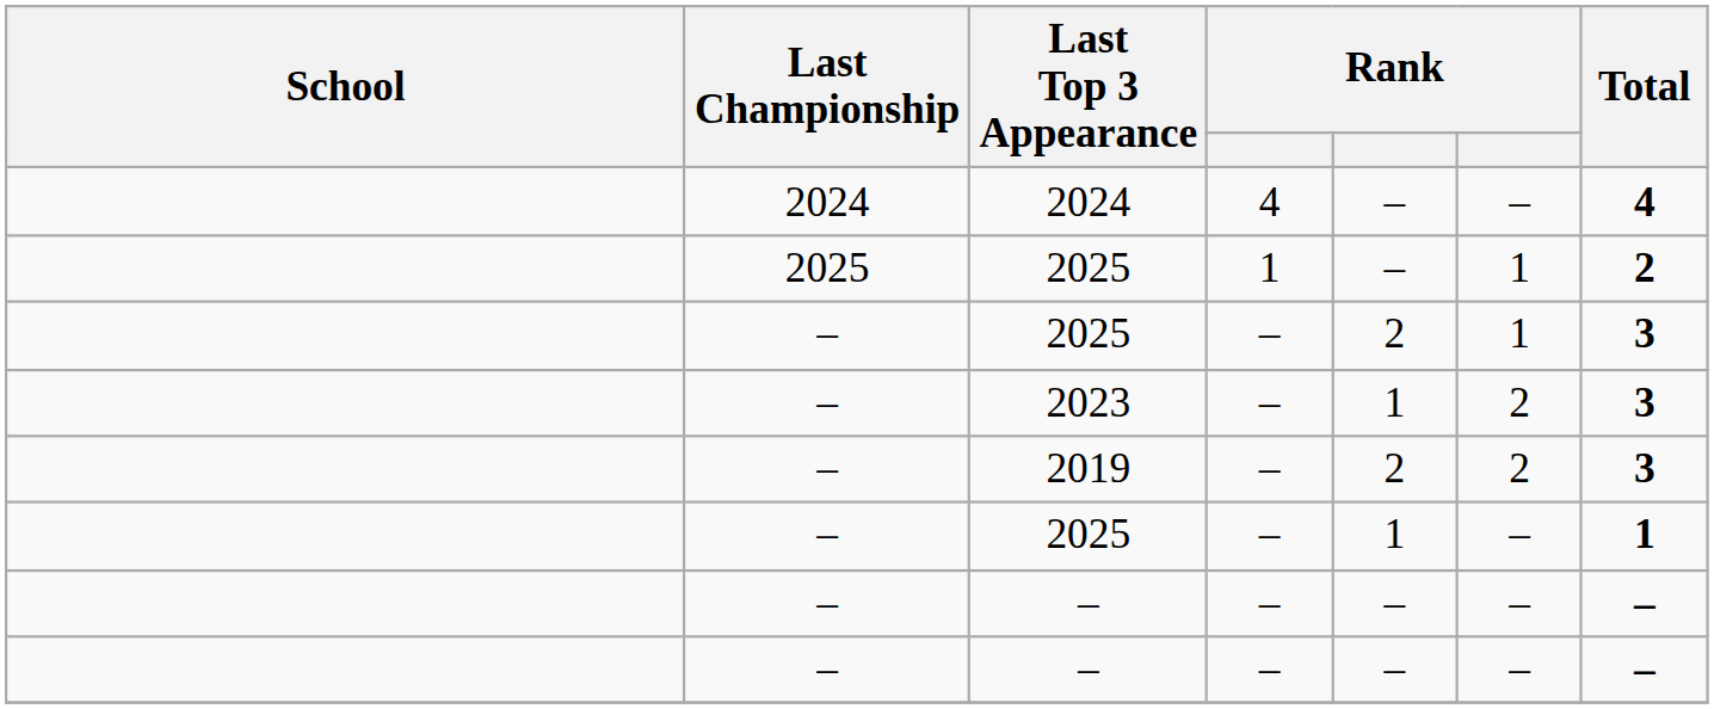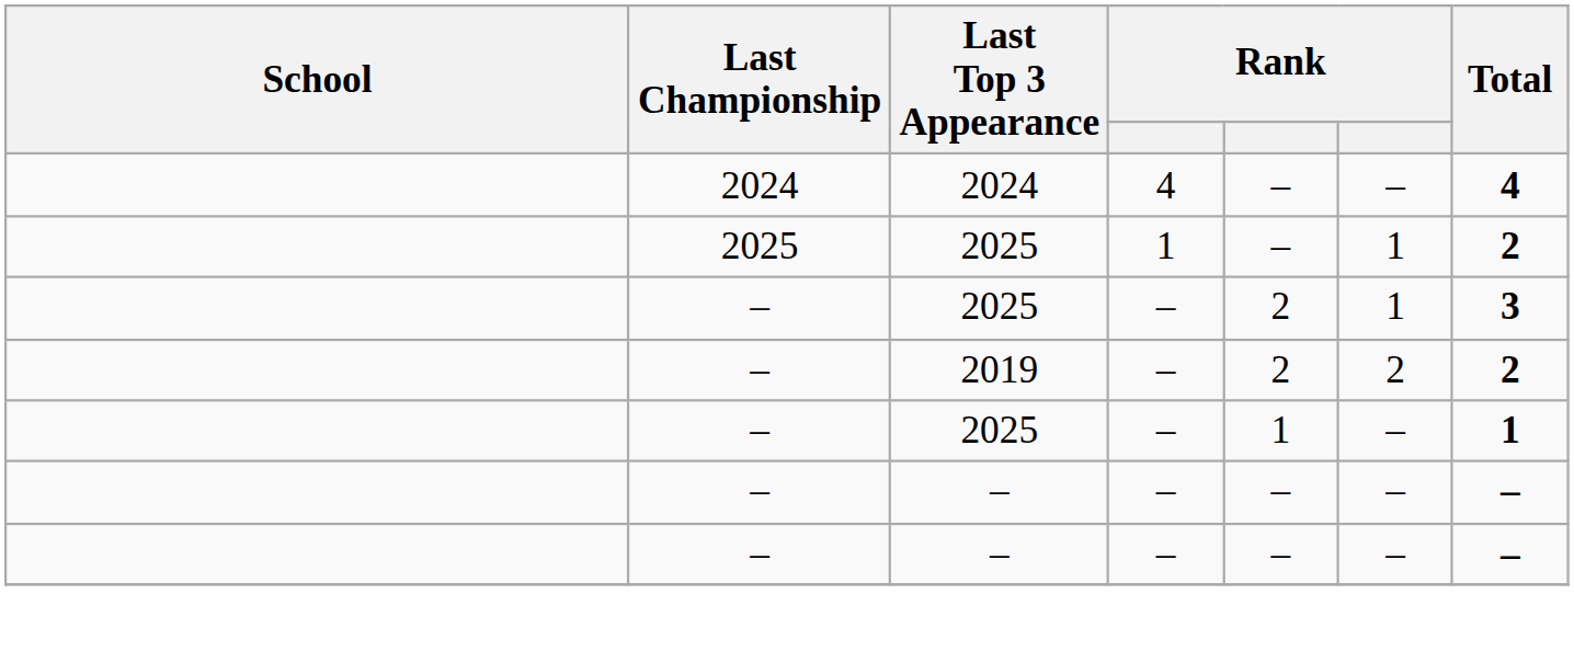 <table class="wikitable" style="text align: center">
 <tr bgcolor="#efefef">
 <th rowspan=2 width=250px>School</th>
 <th rowspan=2>Last<br>Championship</th>
 <th rowspan=2>Last<br>Top 3<br>Appearance</th>
 <th colspan=3>Rank</th>
 <th rowspan=2 width=40px>Total</th>
 </tr>
 <tr>
 <th width=40px></th>
 <th width=40px></th>
 <th width=40px></th>
 </tr>
 <tr>
 <td></td>
 <td align="center">2024</td>
 <td align="center">2024</td>
 <td align="center">4</td>
 <td align="center">–</td>
 <td align="center">–</td>
 <td align="center"><strong>4</strong></td>
 </tr>
 <tr>
 <td></td>
 <td align="center">2025</td>
 <td align="center">2025</td>
 <td align="center">1</td>
 <td align="center">–</td>
 <td align="center">1</td>
 <td align="center"><strong>2</strong></td>
 </tr>
 <tr>
 <td></td>
 <td align="center">–</td>
 <td align="center">2025</td>
 <td align="center">–</td>
 <td align="center">2</td>
 <td align="center">1</td>
 <td align="center"><strong>3</strong></td>
 </tr>
 <tr>
 <td></td>
 <td align="center">–</td>
-<td align="center">2023</td>
-<td align="center">–</td>
-<td align="center">1</td>
-<td align="center">2</td>
-<td align="center"><strong>3</strong></td>
-</tr>
-<tr>
-<td></td>
-<td align="center">–</td>
 <td align="center">2019</td>
 <td align="center">–</td>
 <td align="center">2</td>
 <td align="center">2</td>
-<td align="center"><strong>3</strong></td>
+<td align="center"><strong>2</strong></td>
 </tr>
 <tr>
 <td></td>
 <td align="center">–</td>
 <td align="center">2025</td>
 <td align="center">–</td>
 <td align="center">1</td>
 <td align="center">–</td>
 <td align="center"><strong>1</strong></td>
 </tr>
 <tr>
 <td></td>
 <td align="center">–</td>
 <td align="center">–</td>
 <td align="center">–</td>
 <td align="center">–</td>
 <td align="center">–</td>
 <td align="center"><strong>–</strong></td>
 </tr>
 <tr>
 <td></td>
 <td align="center">–</td>
 <td align="center">–</td>
 <td align="center">–</td>
 <td align="center">–</td>
 <td align="center">–</td>
 <td align="center"><strong>–</strong></td>
 </tr>
 <tr>
 </tr>
 </table>
